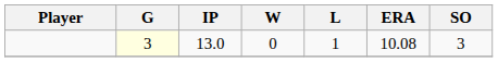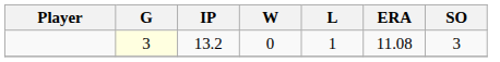 <table class="wikitable sortable">
 <tr>
 <th bgcolor="#DDDDFF" width="16%">Player</th>
 <th bgcolor="#DDDDFF" width="9%">G</th>
 <th bgcolor="#DDDDFF" width="9%">IP</th>
 <th bgcolor="#DDDDFF" width="9%">W</th>
 <th bgcolor="#DDDDFF" width="9%">L</th>
 <th bgcolor="#DDDDFF" width="9%">ERA</th>
 <th bgcolor="#DDDDFF" width="9%">SO</th>
 </tr>
 <tr align="center">
 <td></td>
 <td style="background: lightyellow;">3</td>
-<td>13.0</td>
+<td>13.2</td>
 <td>0</td>
 <td>1</td>
-<td>10.08</td>
+<td>11.08</td>
 <td>3</td>
 </tr>
 <tr align="center">
 </tr>
 </table>
